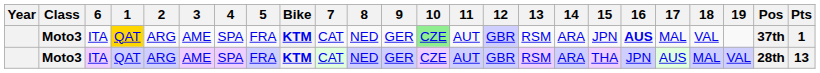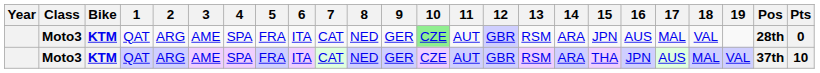 <table class="wikitable" style="text-align:center;">
 <tr>
 <th>Year</th>
 <th>Class</th>
-<th>6</th>
+<th>Bike</th>
 <th>1</th>
 <th>2</th>
 <th>3</th>
 <th>4</th>
 <th>5</th>
-<th>Bike</th>
+<th>6</th>
 <th>7</th>
 <th>8</th>
 <th>9</th>
 <th>10</th>
 <th>11</th>
 <th>12</th>
 <th>13</th>
 <th>14</th>
 <th>15</th>
 <th>16</th>
 <th>17</th>
 <th>18</th>
 <th>19</th>
 <th>Pos</th>
 <th>Pts</th>
 </tr>
 <tr>
 <th></th>
 <th>Moto3</th>
-<td><a href='#'>ITA</a></td>
-<td style="background: gold;"><a href='#'>QAT</a></td>
+<th><a href='#'>KTM</a></th>
+<td><a href='#'>QAT</a></td>
 <td><a href='#'>ARG</a></td>
 <td><a href='#'>AME</a></td>
 <td><a href='#'>SPA</a></td>
 <td><a href='#'>FRA</a></td>
-<th><a href='#'>KTM</a></th>
+<td><a href='#'>ITA</a></td>
 <td><a href='#'>CAT</a></td>
 <td><a href='#'>NED</a></td>
 <td><a href='#'>GER</a></td>
 <td style="background: lightgreen;"><a href='#'>CZE</a></td>
 <td><a href='#'>AUT</a></td>
 <td style="background:#cfcfff;"><a href='#'>GBR</a><br></td>
 <td><a href='#'>RSM</a></td>
 <td><a href='#'>ARA</a></td>
 <td><a href='#'>JPN</a></td>
-<td><strong><a href='#'>AUS</a></strong></td>
+<td><a href='#'>AUS</a></td>
 <td><a href='#'>MAL</a></td>
 <td><a href='#'>VAL</a></td>
 <td></td>
-<th>37th</th>
-<th>1</th>
+<th>28th</th>
+<th>0</th>
 </tr>
 <tr>
 <th></th>
 <th>Moto3</th>
-<td style="background:#efcfff;"><a href='#'>ITA</a><br></td>
+<th><a href='#'>KTM</a></th>
 <td style="background:#cfcfff;"><a href='#'>QAT</a><br></td>
 <td style="background:#cfcfff;"><a href='#'>ARG</a><br></td>
 <td style="background:#efcfff;"><a href='#'>AME</a><br></td>
 <td style="background:#efcfff;"><a href='#'>SPA</a><br></td>
 <td style="background:#cfcfff;"><a href='#'>FRA</a><br></td>
-<th><a href='#'>KTM</a></th>
+<td style="background:#efcfff;"><a href='#'>ITA</a><br></td>
 <td style="background:#dfffdf;"><a href='#'>CAT</a><br></td>
 <td style="background:#cfcfff;"><a href='#'>NED</a><br></td>
 <td style="background:#cfcfff;"><a href='#'>GER</a><br></td>
 <td style="background:#efcfff;"><a href='#'>CZE</a><br></td>
 <td style="background:#cfcfff;"><a href='#'>AUT</a><br></td>
 <td style="background:#cfcfff;"><a href='#'>GBR</a><br></td>
 <td style="background:#efcfff;"><a href='#'>RSM</a><br></td>
 <td style="background:#cfcfff;"><a href='#'>ARA</a><br></td>
 <td style="background:#efcfff;"><a href='#'>THA</a><br></td>
 <td style="background:#cfcfff;"><a href='#'>JPN</a><br></td>
 <td style="background:#dfffdf;"><a href='#'>AUS</a><br></td>
 <td style="background:#cfcfff;"><a href='#'>MAL</a><br></td>
 <td style="background:#cfcfff;"><a href='#'>VAL</a><br></td>
-<th>28th</th>
-<th>13</th>
+<th>37th</th>
+<th>10</th>
 </tr>
 </table>
